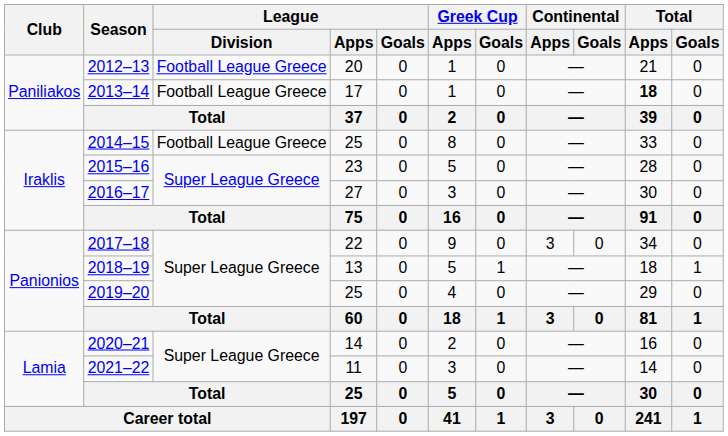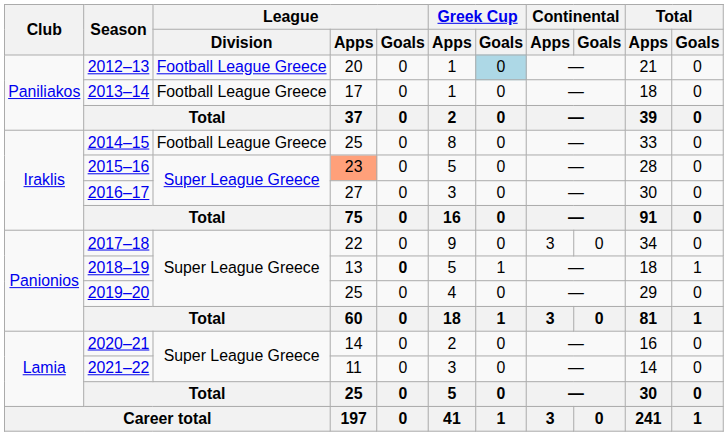 <table class="wikitable" style="text-align:center">
 <tr>
 <th rowspan=2>Club</th>
 <th rowspan=2>Season</th>
 <th colspan=3>League</th>
 <th colspan=2><a href='#'>Greek Cup</a></th>
 <th colspan=2>Continental</th>
 <th colspan=2>Total</th>
 </tr>
 <tr>
 <th>Division</th>
 <th>Apps</th>
 <th>Goals</th>
 <th>Apps</th>
 <th>Goals</th>
 <th>Apps</th>
 <th>Goals</th>
 <th>Apps</th>
 <th>Goals</th>
 </tr>
 <tr>
 <td rowspan="3"><a href='#'>Paniliakos</a></td>
 <td><a href='#'>2012–13</a></td>
 <td><a href='#'>Football League Greece</a></td>
 <td>20</td>
 <td>0</td>
 <td>1</td>
-<td>0</td>
+<td style="background: lightblue;">0</td>
 <td colspan="2">—</td>
 <td>21</td>
 <td>0</td>
 </tr>
 <tr>
 <td><a href='#'>2013–14</a></td>
 <td>Football League Greece</td>
 <td>17</td>
 <td>0</td>
 <td>1</td>
 <td>0</td>
 <td colspan="2">—</td>
-<td><strong>18</strong></td>
+<td>18</td>
 <td>0</td>
 </tr>
 <tr>
 <th colspan="2">Total</th>
 <th>37</th>
 <th>0</th>
 <th>2</th>
 <th>0</th>
 <th colspan="2">—</th>
 <th>39</th>
 <th>0</th>
 </tr>
 <tr>
 <td rowspan="4"><a href='#'>Iraklis</a></td>
 <td><a href='#'>2014–15</a></td>
 <td>Football League Greece</td>
 <td>25</td>
 <td>0</td>
 <td>8</td>
 <td>0</td>
 <td colspan="2">—</td>
 <td>33</td>
 <td>0</td>
 </tr>
 <tr>
 <td><a href='#'>2015–16</a></td>
 <td rowspan="2"><a href='#'>Super League Greece</a></td>
-<td>23</td>
+<td style="background: lightsalmon;">23</td>
 <td>0</td>
 <td>5</td>
 <td>0</td>
 <td colspan="2">—</td>
 <td>28</td>
 <td>0</td>
 </tr>
 <tr>
 <td><a href='#'>2016–17</a></td>
 <td>27</td>
 <td>0</td>
 <td>3</td>
 <td>0</td>
 <td colspan="2">—</td>
 <td>30</td>
 <td>0</td>
 </tr>
 <tr>
 <th colspan="2">Total</th>
 <th>75</th>
 <th>0</th>
 <th>16</th>
 <th>0</th>
 <th colspan="2">—</th>
 <th>91</th>
 <th>0</th>
 </tr>
 <tr>
 <td rowspan="4"><a href='#'>Panionios</a></td>
 <td><a href='#'>2017–18</a></td>
 <td rowspan="3">Super League Greece</td>
 <td>22</td>
 <td>0</td>
 <td>9</td>
 <td>0</td>
 <td>3</td>
 <td>0</td>
 <td>34</td>
 <td>0</td>
 </tr>
 <tr>
 <td><a href='#'>2018–19</a></td>
 <td>13</td>
-<td>0</td>
+<td><strong>0</strong></td>
 <td>5</td>
 <td>1</td>
 <td colspan="2">—</td>
 <td>18</td>
 <td>1</td>
 </tr>
 <tr>
 <td><a href='#'>2019–20</a></td>
 <td>25</td>
 <td>0</td>
 <td>4</td>
 <td>0</td>
 <td colspan="2">—</td>
 <td>29</td>
 <td>0</td>
 </tr>
 <tr>
 <th colspan="2">Total</th>
 <th>60</th>
 <th>0</th>
 <th>18</th>
 <th>1</th>
 <th>3</th>
 <th>0</th>
 <th>81</th>
 <th>1</th>
 </tr>
 <tr>
 <td rowspan="3"><a href='#'>Lamia</a></td>
 <td><a href='#'>2020–21</a></td>
 <td rowspan="2">Super League Greece</td>
 <td>14</td>
 <td>0</td>
 <td>2</td>
 <td>0</td>
 <td colspan="2">—</td>
 <td>16</td>
 <td>0</td>
 </tr>
 <tr>
 <td><a href='#'>2021–22</a></td>
 <td>11</td>
 <td>0</td>
 <td>3</td>
 <td>0</td>
 <td colspan="2">—</td>
 <td>14</td>
 <td>0</td>
 </tr>
 <tr>
 <th colspan="2">Total</th>
 <th>25</th>
 <th>0</th>
 <th>5</th>
 <th>0</th>
 <th colspan="2">—</th>
 <th>30</th>
 <th>0</th>
 </tr>
 <tr>
 <th colspan="3">Career total</th>
 <th>197</th>
 <th>0</th>
 <th>41</th>
 <th>1</th>
 <th>3</th>
 <th>0</th>
 <th>241</th>
 <th>1</th>
 </tr>
 </table>
